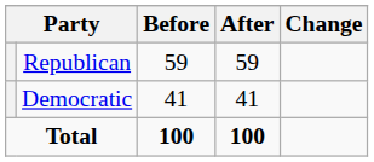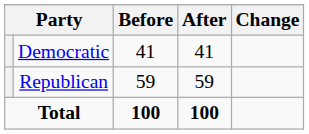 <table class="wikitable" style="text-align:center;">
 <tr>
 </tr>
 <tr>
 <th colspan=2>Party</th>
 <th>Before</th>
 <th>After</th>
 <th>Change</th>
 </tr>
 <tr>
 <th style="background-color:"></th>
-<td><a href='#'>Republican</a></td>
-<td>59</td>
-<td>59</td>
+<td><a href='#'>Democratic</a></td>
+<td>41</td>
+<td>41</td>
 <td></td>
 </tr>
 <tr>
 <th style="background-color:"></th>
-<td><a href='#'>Democratic</a></td>
-<td>41</td>
-<td>41</td>
+<td><a href='#'>Republican</a></td>
+<td>59</td>
+<td>59</td>
 <td></td>
 </tr>
 <tr>
 <td colspan=2><strong>Total</strong></td>
 <td><strong>100</strong></td>
 <td><strong>100</strong></td>
 <td></td>
 </tr>
 </table>
